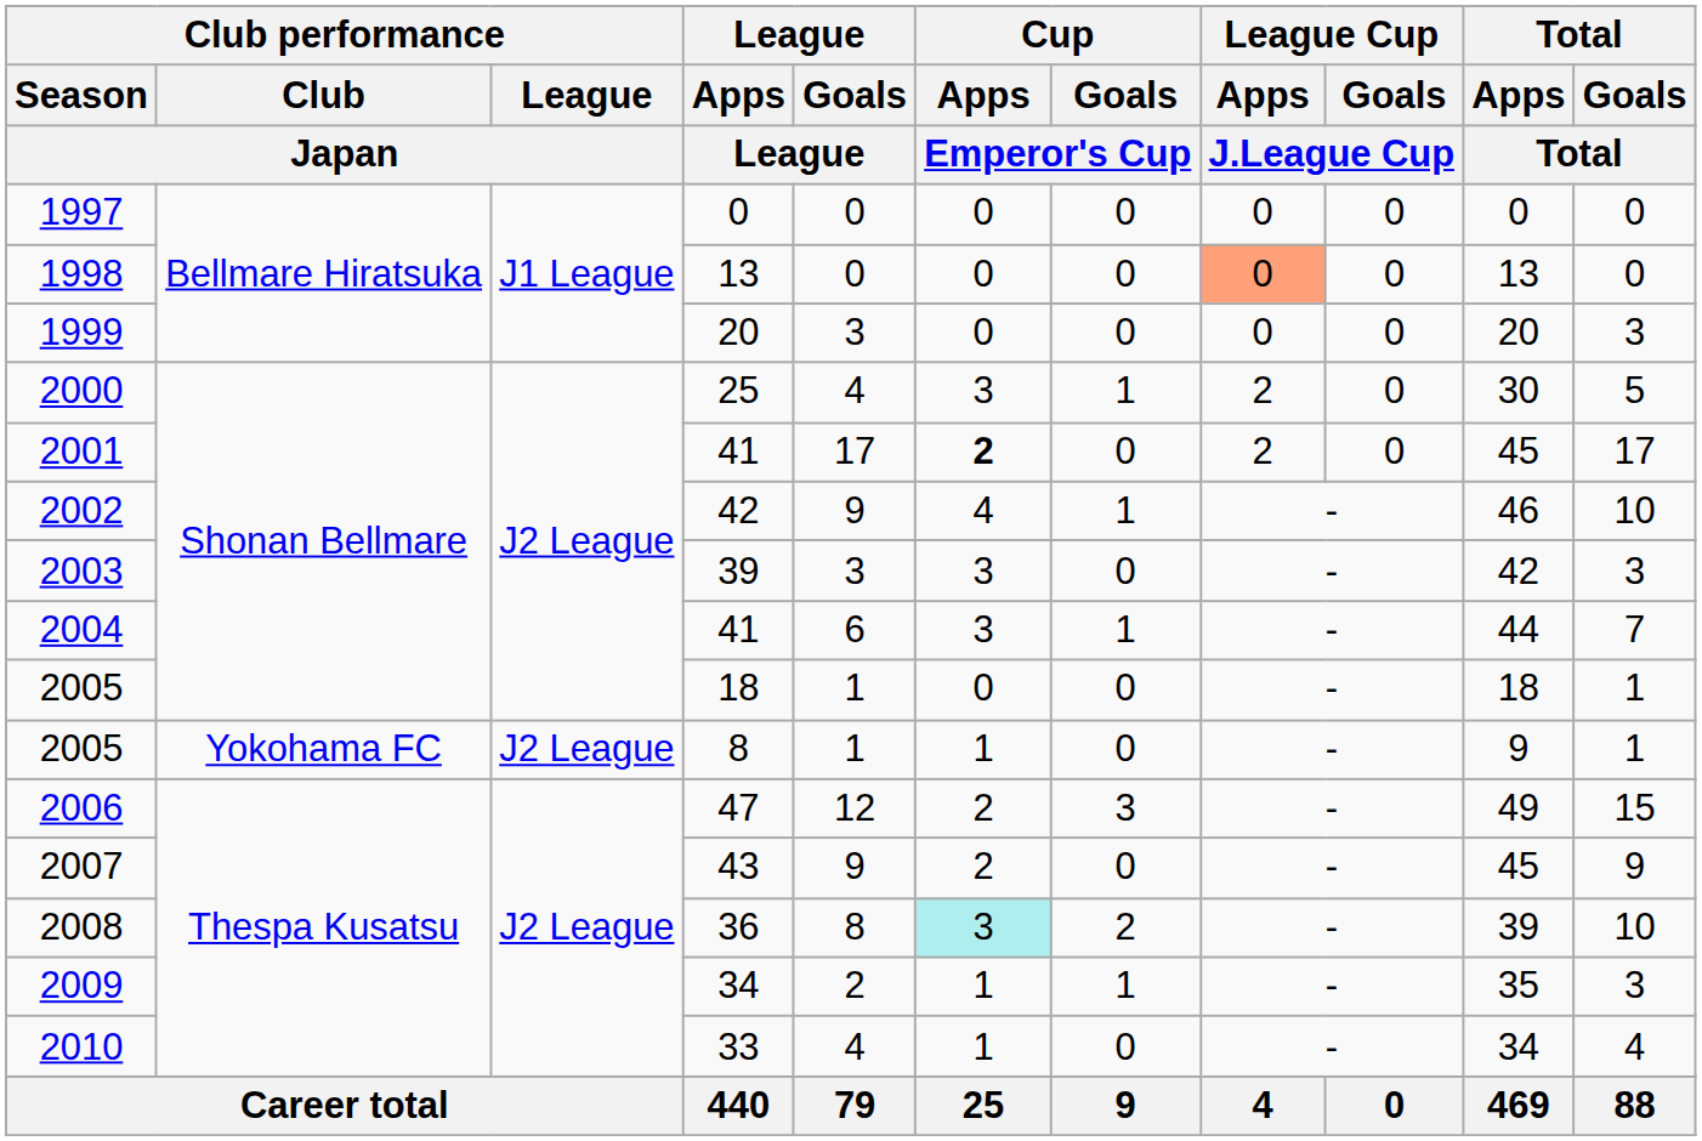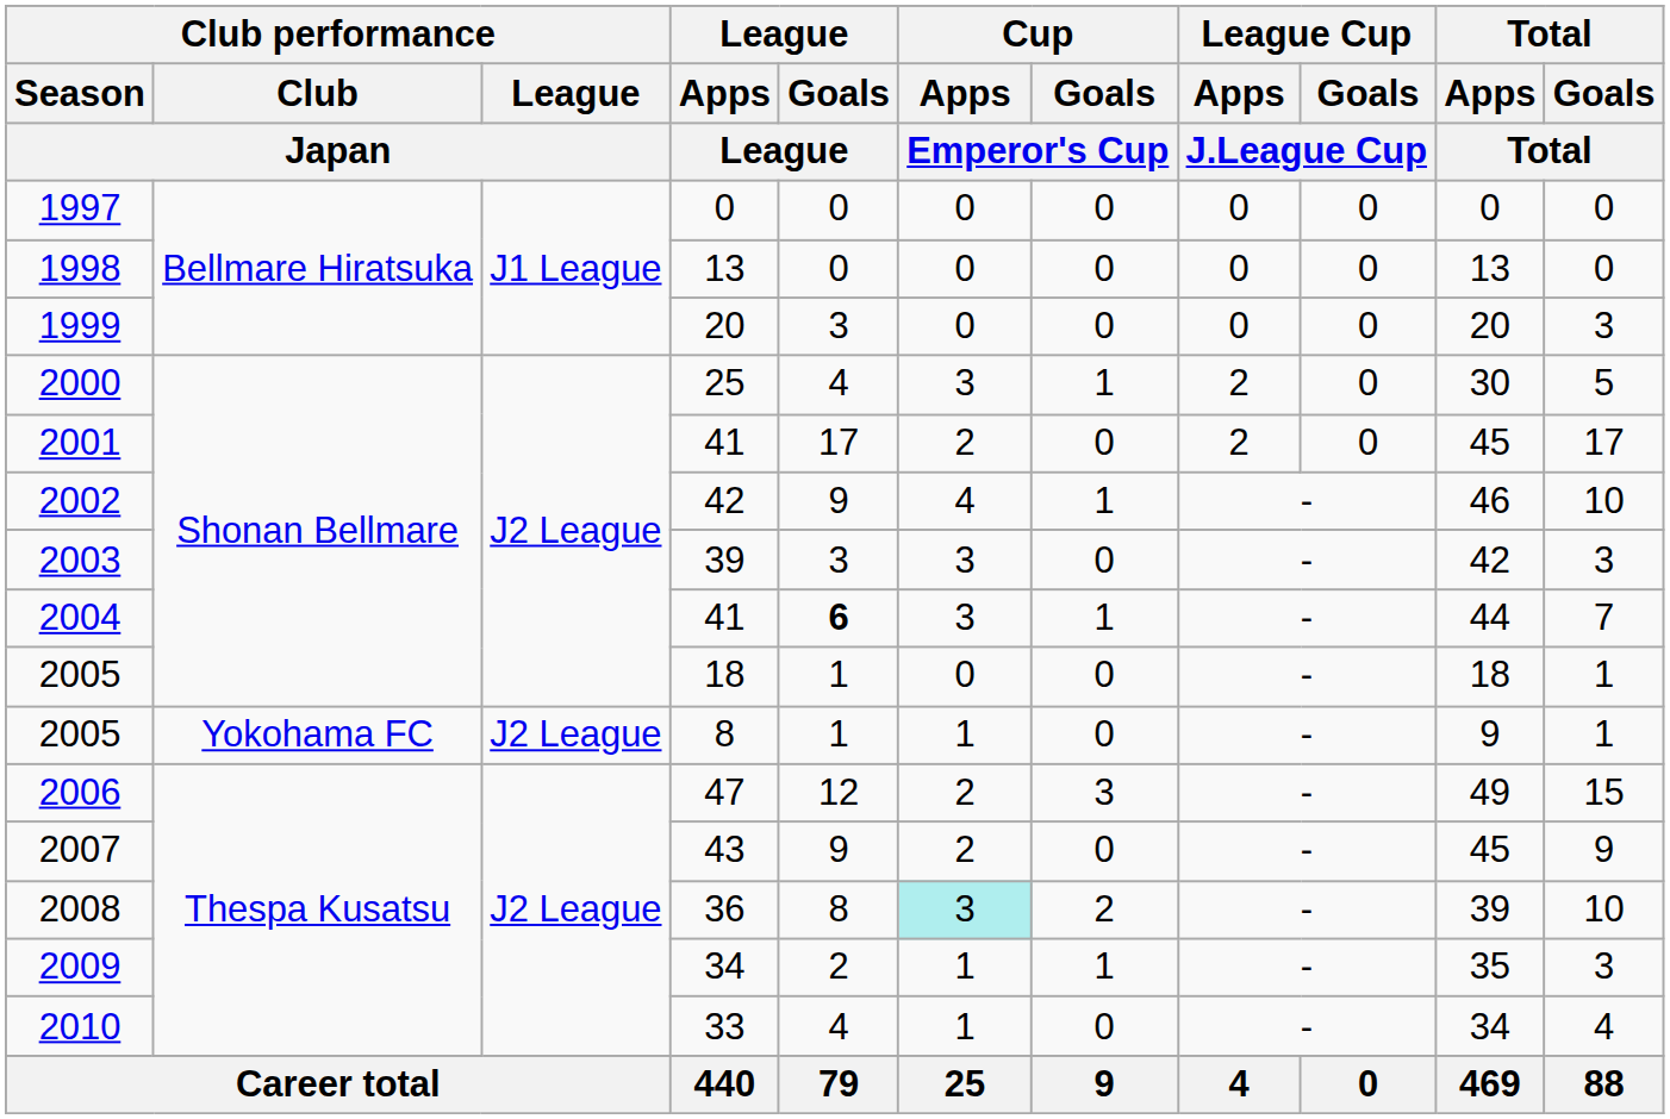 <table class="wikitable" style="text-align:center">
 <tr>
 <th colspan=3>Club performance</th>
 <th colspan=2>League</th>
 <th colspan=2>Cup</th>
 <th colspan=2>League Cup</th>
 <th colspan=2>Total</th>
 </tr>
 <tr>
 <th>Season</th>
 <th>Club</th>
 <th>League</th>
 <th>Apps</th>
 <th>Goals</th>
 <th>Apps</th>
 <th>Goals</th>
 <th>Apps</th>
 <th>Goals</th>
 <th>Apps</th>
 <th>Goals</th>
 </tr>
 <tr>
 <th colspan=3>Japan</th>
 <th colspan=2>League</th>
 <th colspan=2><a href='#'>Emperor's Cup</a></th>
 <th colspan=2><a href='#'>J.League Cup</a></th>
 <th colspan=2>Total</th>
 </tr>
 <tr>
 <td><a href='#'>1997</a></td>
 <td rowspan="3"><a href='#'>Bellmare Hiratsuka</a></td>
 <td rowspan="3"><a href='#'>J1 League</a></td>
 <td>0</td>
 <td>0</td>
 <td>0</td>
 <td>0</td>
 <td>0</td>
 <td>0</td>
 <td>0</td>
 <td>0</td>
 </tr>
 <tr>
 <td><a href='#'>1998</a></td>
 <td>13</td>
 <td>0</td>
 <td>0</td>
 <td>0</td>
-<td style="background: lightsalmon;">0</td>
+<td>0</td>
 <td>0</td>
 <td>13</td>
 <td>0</td>
 </tr>
 <tr>
 <td><a href='#'>1999</a></td>
 <td>20</td>
 <td>3</td>
 <td>0</td>
 <td>0</td>
 <td>0</td>
 <td>0</td>
 <td>20</td>
 <td>3</td>
 </tr>
 <tr>
 <td><a href='#'>2000</a></td>
 <td rowspan="6"><a href='#'>Shonan Bellmare</a></td>
 <td rowspan="6"><a href='#'>J2 League</a></td>
 <td>25</td>
 <td>4</td>
 <td>3</td>
 <td>1</td>
 <td>2</td>
 <td>0</td>
 <td>30</td>
 <td>5</td>
 </tr>
 <tr>
 <td><a href='#'>2001</a></td>
 <td>41</td>
 <td>17</td>
-<td><strong>2</strong></td>
+<td>2</td>
 <td>0</td>
 <td>2</td>
 <td>0</td>
 <td>45</td>
 <td>17</td>
 </tr>
 <tr>
 <td><a href='#'>2002</a></td>
 <td>42</td>
 <td>9</td>
 <td>4</td>
 <td>1</td>
 <td colspan="2">-</td>
 <td>46</td>
 <td>10</td>
 </tr>
 <tr>
 <td><a href='#'>2003</a></td>
 <td>39</td>
 <td>3</td>
 <td>3</td>
 <td>0</td>
 <td colspan="2">-</td>
 <td>42</td>
 <td>3</td>
 </tr>
 <tr>
 <td><a href='#'>2004</a></td>
 <td>41</td>
-<td>6</td>
+<td><strong>6</strong></td>
 <td>3</td>
 <td>1</td>
 <td colspan="2">-</td>
 <td>44</td>
 <td>7</td>
 </tr>
 <tr>
 <td>2005</td>
 <td>18</td>
 <td>1</td>
 <td>0</td>
 <td>0</td>
 <td colspan="2">-</td>
 <td>18</td>
 <td>1</td>
 </tr>
 <tr>
 <td>2005</td>
 <td><a href='#'>Yokohama FC</a></td>
 <td><a href='#'>J2 League</a></td>
 <td>8</td>
 <td>1</td>
 <td>1</td>
 <td>0</td>
 <td colspan="2">-</td>
 <td>9</td>
 <td>1</td>
 </tr>
 <tr>
 <td><a href='#'>2006</a></td>
 <td rowspan="5"><a href='#'>Thespa Kusatsu</a></td>
 <td rowspan="5"><a href='#'>J2 League</a></td>
 <td>47</td>
 <td>12</td>
 <td>2</td>
 <td>3</td>
 <td colspan="2">-</td>
 <td>49</td>
 <td>15</td>
 </tr>
 <tr>
 <td>2007</td>
 <td>43</td>
 <td>9</td>
 <td>2</td>
 <td>0</td>
 <td colspan="2">-</td>
 <td>45</td>
 <td>9</td>
 </tr>
 <tr>
 <td>2008</td>
 <td>36</td>
 <td>8</td>
 <td style="background: paleturquoise;">3</td>
 <td>2</td>
 <td colspan="2">-</td>
 <td>39</td>
 <td>10</td>
 </tr>
 <tr>
 <td><a href='#'>2009</a></td>
 <td>34</td>
 <td>2</td>
 <td>1</td>
 <td>1</td>
 <td colspan="2">-</td>
 <td>35</td>
 <td>3</td>
 </tr>
 <tr>
 <td><a href='#'>2010</a></td>
 <td>33</td>
 <td>4</td>
 <td>1</td>
 <td>0</td>
 <td colspan="2">-</td>
 <td>34</td>
 <td>4</td>
 </tr>
 <tr>
 <th colspan=3>Career total</th>
 <th>440</th>
 <th>79</th>
 <th>25</th>
 <th>9</th>
 <th>4</th>
 <th>0</th>
 <th>469</th>
 <th>88</th>
 </tr>
 </table>
